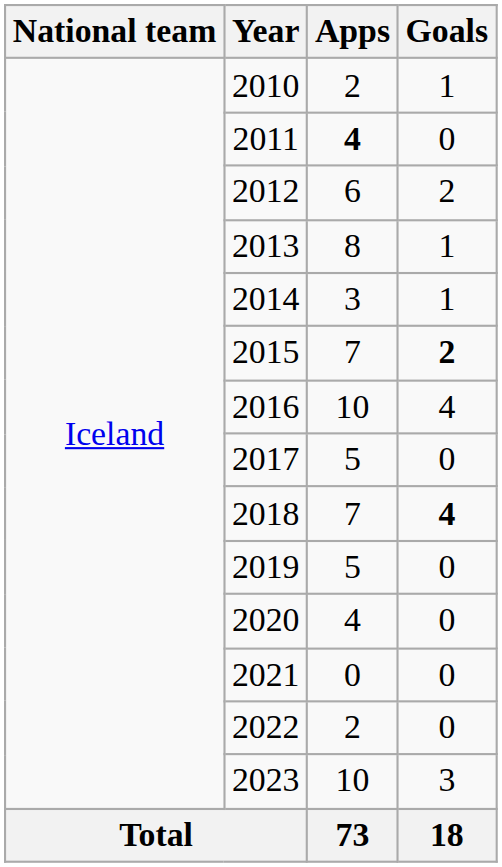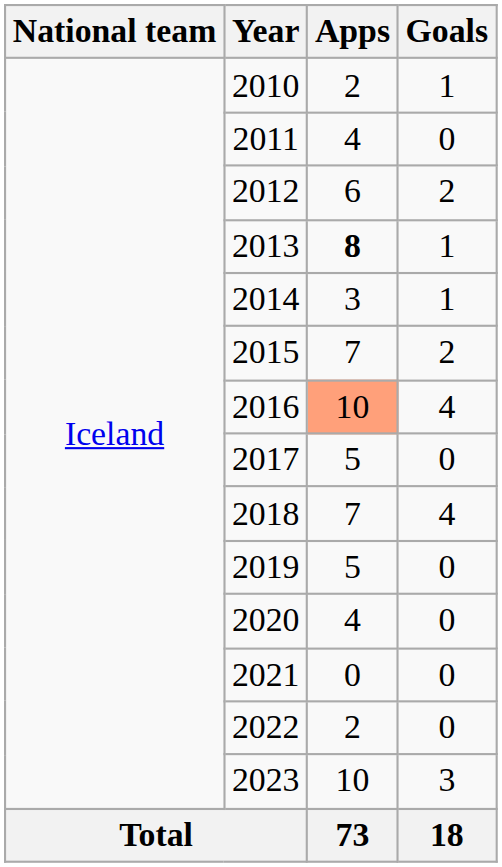 <table class="wikitable" style="text-align:center">
 <tr>
 <th>National team</th>
 <th>Year</th>
 <th>Apps</th>
 <th>Goals</th>
 </tr>
 <tr>
 <td rowspan="14"><a href='#'>Iceland</a></td>
 <td>2010</td>
 <td>2</td>
 <td>1</td>
 </tr>
 <tr>
 <td>2011</td>
-<td><strong>4</strong></td>
+<td>4</td>
 <td>0</td>
 </tr>
 <tr>
 <td>2012</td>
 <td>6</td>
 <td>2</td>
 </tr>
 <tr>
 <td>2013</td>
-<td>8</td>
+<td><strong>8</strong></td>
 <td>1</td>
 </tr>
 <tr>
 <td>2014</td>
 <td>3</td>
 <td>1</td>
 </tr>
 <tr>
 <td>2015</td>
 <td>7</td>
-<td><strong>2</strong></td>
+<td>2</td>
 </tr>
 <tr>
 <td>2016</td>
-<td>10</td>
+<td style="background: lightsalmon;">10</td>
 <td>4</td>
 </tr>
 <tr>
 <td>2017</td>
 <td>5</td>
 <td>0</td>
 </tr>
 <tr>
 <td>2018</td>
 <td>7</td>
-<td><strong>4</strong></td>
+<td>4</td>
 </tr>
 <tr>
 <td>2019</td>
 <td>5</td>
 <td>0</td>
 </tr>
 <tr>
 <td>2020</td>
 <td>4</td>
 <td>0</td>
 </tr>
 <tr>
 <td>2021</td>
 <td>0</td>
 <td>0</td>
 </tr>
 <tr>
 <td>2022</td>
 <td>2</td>
 <td>0</td>
 </tr>
 <tr>
 <td>2023</td>
 <td>10</td>
 <td>3</td>
 </tr>
 <tr>
 <th colspan="2">Total</th>
 <th>73</th>
 <th>18</th>
 </tr>
 </table>
